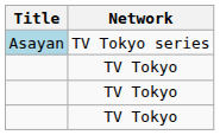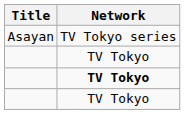 <table class="wikitable" style="text-align:center;">
 <tr>
 <th>Title</th>
 <th>Network</th>
 </tr>
 <tr>
-<td align="left" style="background: lightblue;">Asayan</td>
+<td align="left">Asayan</td>
 <td>TV Tokyo series</td>
 </tr>
 <tr>
 <td align="left"></td>
 <td>TV Tokyo</td>
 </tr>
 <tr>
 <td align="left"></td>
-<td>TV Tokyo</td>
+<td><strong>TV Tokyo</strong></td>
 </tr>
 <tr>
 <td align="left"></td>
 <td>TV Tokyo</td>
 </tr>
 </table>
